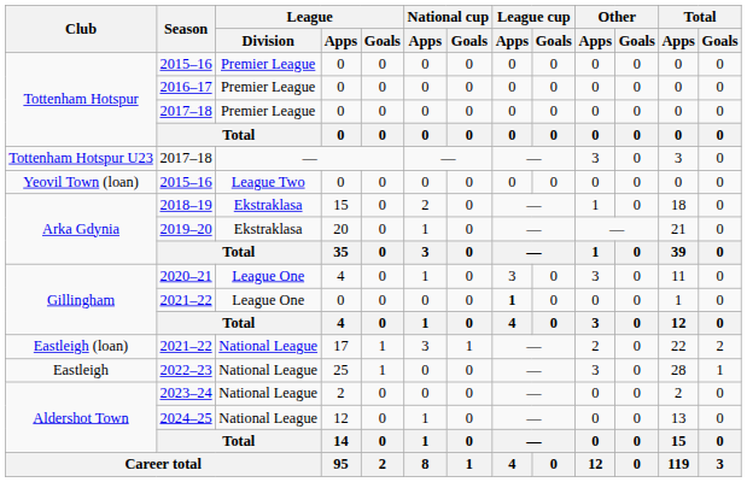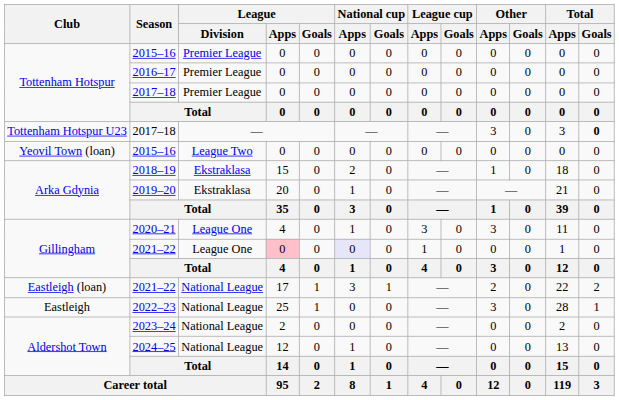 <table class=wikitable style="text-align:center">
 <tr>
 <th rowspan=2>Club</th>
 <th rowspan=2>Season</th>
 <th colspan=3>League</th>
 <th colspan=2>National cup</th>
 <th colspan=2>League cup</th>
 <th colspan=2>Other</th>
 <th colspan=2>Total</th>
 </tr>
 <tr>
 <th>Division</th>
 <th>Apps</th>
 <th>Goals</th>
 <th>Apps</th>
 <th>Goals</th>
 <th>Apps</th>
 <th>Goals</th>
 <th>Apps</th>
 <th>Goals</th>
 <th>Apps</th>
 <th>Goals</th>
 </tr>
 <tr>
 <td rowspan=4><a href='#'>Tottenham Hotspur</a></td>
 <td><a href='#'>2015–16</a></td>
 <td><a href='#'>Premier League</a></td>
 <td>0</td>
 <td>0</td>
 <td>0</td>
 <td>0</td>
 <td>0</td>
 <td>0</td>
 <td>0</td>
 <td>0</td>
 <td>0</td>
 <td>0</td>
 </tr>
 <tr>
 <td><a href='#'>2016–17</a></td>
 <td>Premier League</td>
 <td>0</td>
 <td>0</td>
 <td>0</td>
 <td>0</td>
 <td>0</td>
 <td>0</td>
 <td>0</td>
 <td>0</td>
 <td>0</td>
 <td>0</td>
 </tr>
 <tr>
 <td><a href='#'>2017–18</a></td>
 <td>Premier League</td>
 <td>0</td>
 <td>0</td>
 <td>0</td>
 <td>0</td>
 <td>0</td>
 <td>0</td>
 <td>0</td>
 <td>0</td>
 <td>0</td>
 <td>0</td>
 </tr>
 <tr>
 <th colspan=2>Total</th>
 <th>0</th>
 <th>0</th>
 <th>0</th>
 <th>0</th>
 <th>0</th>
 <th>0</th>
 <th>0</th>
 <th>0</th>
 <th>0</th>
 <th>0</th>
 </tr>
 <tr>
 <td><a href='#'>Tottenham Hotspur U23</a></td>
 <td>2017–18</td>
 <td colspan=3>—</td>
 <td colspan=2>—</td>
 <td colspan=2>—</td>
 <td>3</td>
 <td>0</td>
 <td>3</td>
-<td>0</td>
+<td><strong>0</strong></td>
 </tr>
 <tr>
 <td><a href='#'>Yeovil Town</a> (loan)</td>
 <td><a href='#'>2015–16</a></td>
 <td><a href='#'>League Two</a></td>
 <td>0</td>
 <td>0</td>
 <td>0</td>
 <td>0</td>
 <td>0</td>
 <td>0</td>
 <td>0</td>
 <td>0</td>
 <td>0</td>
 <td>0</td>
 </tr>
 <tr>
 <td rowspan=3><a href='#'>Arka Gdynia</a></td>
 <td><a href='#'>2018–19</a></td>
 <td><a href='#'>Ekstraklasa</a></td>
 <td>15</td>
 <td>0</td>
 <td>2</td>
 <td>0</td>
 <td colspan=2>—</td>
 <td>1</td>
 <td>0</td>
 <td>18</td>
 <td>0</td>
 </tr>
 <tr>
 <td><a href='#'>2019–20</a></td>
 <td>Ekstraklasa</td>
 <td>20</td>
 <td>0</td>
 <td>1</td>
 <td>0</td>
 <td colspan=2>—</td>
 <td colspan=2>—</td>
 <td>21</td>
 <td>0</td>
 </tr>
 <tr>
 <th colspan=2>Total</th>
 <th>35</th>
 <th>0</th>
 <th>3</th>
 <th>0</th>
 <th colspan=2>—</th>
 <th>1</th>
 <th>0</th>
 <th>39</th>
 <th>0</th>
 </tr>
 <tr>
 <td rowspan=3><a href='#'>Gillingham</a></td>
 <td><a href='#'>2020–21</a></td>
 <td><a href='#'>League One</a></td>
 <td>4</td>
 <td>0</td>
 <td>1</td>
 <td>0</td>
 <td>3</td>
 <td>0</td>
 <td>3</td>
 <td>0</td>
 <td>11</td>
 <td>0</td>
 </tr>
 <tr>
 <td><a href='#'>2021–22</a></td>
 <td>League One</td>
+<td style="background: pink;">0</td>
 <td>0</td>
+<td style="background: lavender;">0</td>
 <td>0</td>
-<td>0</td>
-<td>0</td>
-<td><strong>1</strong></td>
+<td>1</td>
 <td>0</td>
 <td>0</td>
 <td>0</td>
 <td>1</td>
 <td>0</td>
 </tr>
 <tr>
 <th colspan=2>Total</th>
 <th>4</th>
 <th>0</th>
 <th>1</th>
 <th>0</th>
 <th>4</th>
 <th>0</th>
 <th>3</th>
 <th>0</th>
 <th>12</th>
 <th>0</th>
 </tr>
 <tr>
 <td><a href='#'>Eastleigh</a> (loan)</td>
 <td><a href='#'>2021–22</a></td>
 <td><a href='#'>National League</a></td>
 <td>17</td>
 <td>1</td>
 <td>3</td>
 <td>1</td>
 <td colspan=2>—</td>
 <td>2</td>
 <td>0</td>
 <td>22</td>
 <td>2</td>
 </tr>
 <tr>
 <td>Eastleigh</td>
 <td><a href='#'>2022–23</a></td>
 <td>National League</td>
 <td>25</td>
 <td>1</td>
 <td>0</td>
 <td>0</td>
 <td colspan=2>—</td>
 <td>3</td>
 <td>0</td>
 <td>28</td>
 <td>1</td>
 </tr>
 <tr>
 <td rowspan=3><a href='#'>Aldershot Town</a></td>
 <td><a href='#'>2023–24</a></td>
 <td>National League</td>
 <td>2</td>
 <td>0</td>
 <td>0</td>
 <td>0</td>
 <td colspan=2>—</td>
 <td>0</td>
 <td>0</td>
 <td>2</td>
 <td>0</td>
 </tr>
 <tr>
 <td><a href='#'>2024–25</a></td>
 <td>National League</td>
 <td>12</td>
 <td>0</td>
 <td>1</td>
 <td>0</td>
 <td colspan=2>—</td>
 <td>0</td>
 <td>0</td>
 <td>13</td>
 <td>0</td>
 </tr>
 <tr>
 <th colspan=2>Total</th>
 <th>14</th>
 <th>0</th>
 <th>1</th>
 <th>0</th>
 <th colspan=2>—</th>
 <th>0</th>
 <th>0</th>
 <th>15</th>
 <th>0</th>
 </tr>
 <tr>
 <th colspan=3>Career total</th>
 <th>95</th>
 <th>2</th>
 <th>8</th>
 <th>1</th>
 <th>4</th>
 <th>0</th>
 <th>12</th>
 <th>0</th>
 <th>119</th>
 <th>3</th>
 </tr>
 </table>
